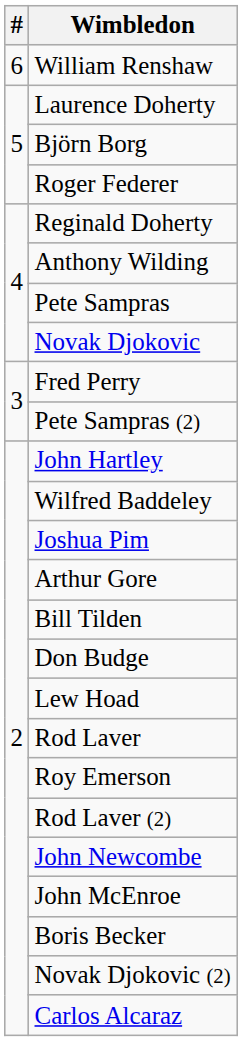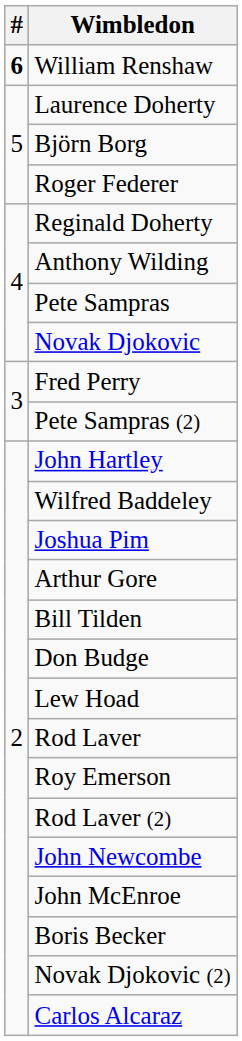 <table class=wikitable style="display:inline-table;">
 <tr>
 <th>#</th>
 <th>Wimbledon</th>
 </tr>
 <tr>
-<td>6</td>
+<td><strong>6</strong></td>
 <td> William Renshaw</td>
 </tr>
 <tr>
 <td rowspan="3">5</td>
 <td> Laurence Doherty</td>
 </tr>
 <tr>
 <td> Björn Borg</td>
 </tr>
 <tr>
 <td> Roger Federer</td>
 </tr>
 <tr>
 <td rowspan="4">4</td>
 <td> Reginald Doherty</td>
 </tr>
 <tr>
 <td> Anthony Wilding</td>
 </tr>
 <tr>
 <td> Pete Sampras</td>
 </tr>
 <tr>
 <td> <a href='#'>Novak Djokovic</a></td>
 </tr>
 <tr>
 <td rowspan="2">3</td>
 <td> Fred Perry</td>
 </tr>
 <tr>
 <td> Pete Sampras <small>(2)</small></td>
 </tr>
 <tr>
 <td rowspan="15">2</td>
 <td> <a href='#'>John Hartley</a></td>
 </tr>
 <tr>
 <td> Wilfred Baddeley</td>
 </tr>
 <tr>
 <td> <a href='#'>Joshua Pim</a></td>
 </tr>
 <tr>
 <td> Arthur Gore</td>
 </tr>
 <tr>
 <td> Bill Tilden</td>
 </tr>
 <tr>
 <td> Don Budge</td>
 </tr>
 <tr>
 <td> Lew Hoad</td>
 </tr>
 <tr>
 <td> Rod Laver</td>
 </tr>
 <tr>
 <td> Roy Emerson</td>
 </tr>
 <tr>
 <td> Rod Laver <small>(2)</small></td>
 </tr>
 <tr>
 <td> <a href='#'>John Newcombe</a></td>
 </tr>
 <tr>
 <td> John McEnroe</td>
 </tr>
 <tr>
 <td> Boris Becker</td>
 </tr>
 <tr>
 <td> Novak Djokovic <small>(2)</small></td>
 </tr>
 <tr>
 <td> <a href='#'>Carlos Alcaraz</a></td>
 </tr>
 </table>
